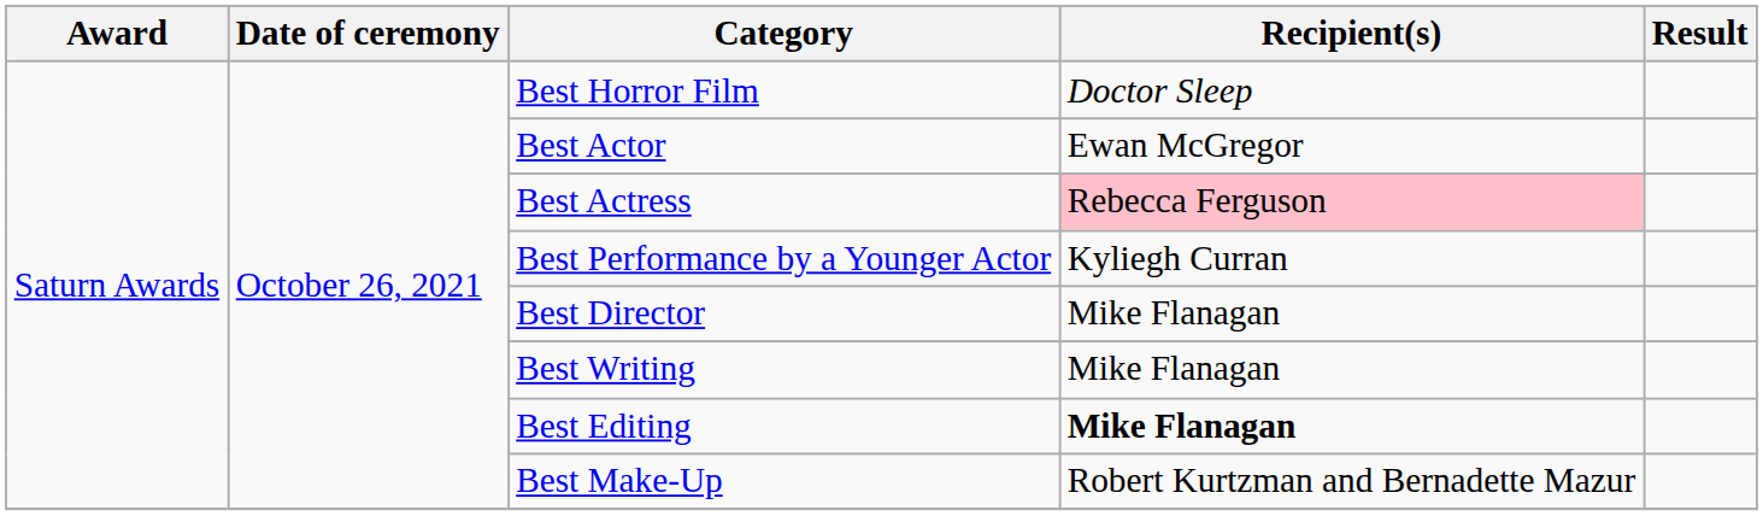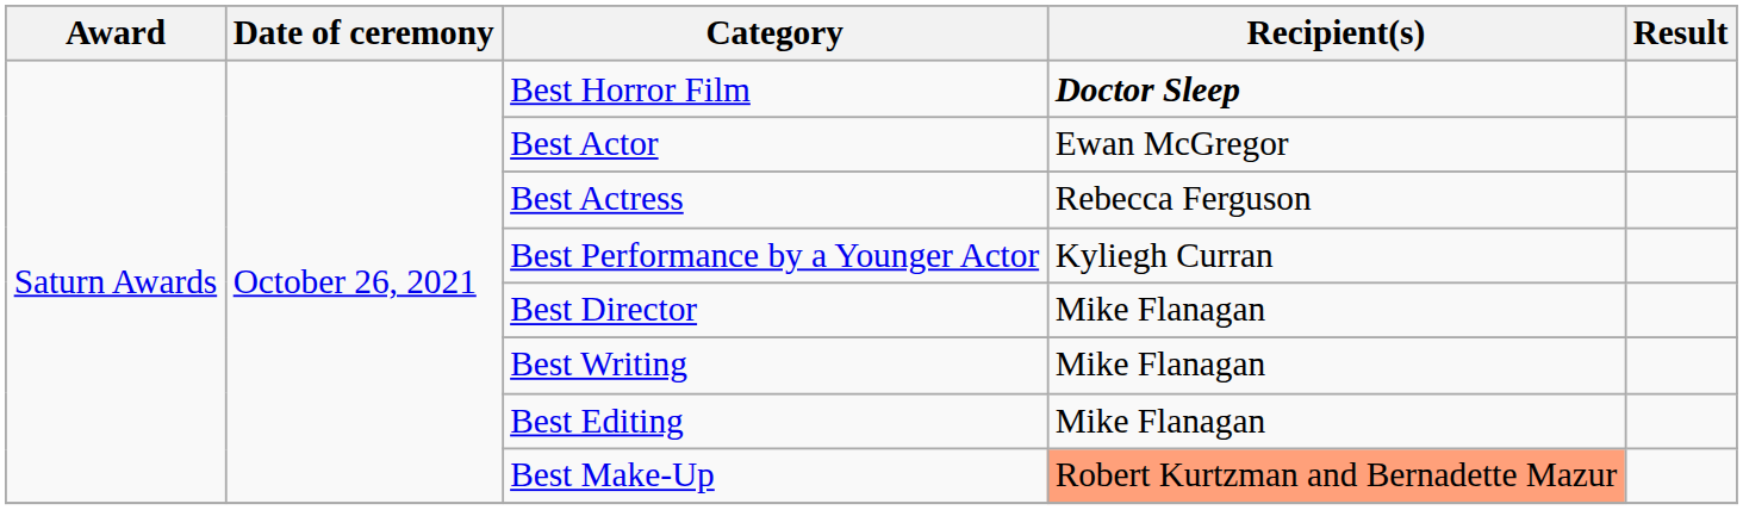 <table class="wikitable sortable plainrowheaders">
 <tr>
 <th scope="col">Award</th>
 <th scope="col">Date of ceremony</th>
 <th scope="col">Category</th>
 <th scope="col">Recipient(s)</th>
 <th scope="col">Result</th>
 </tr>
 <tr>
 <td scope="row" rowspan="8"><a href='#'>Saturn Awards</a></td>
 <td rowspan="8"><a href='#'>October 26, 2021</a></td>
 <td><a href='#'>Best Horror Film</a></td>
-<td><em>Doctor Sleep</em></td>
+<td><strong><em>Doctor Sleep</em></strong></td>
 <td></td>
 </tr>
 <tr>
 <td><a href='#'>Best Actor</a></td>
 <td>Ewan McGregor</td>
 <td></td>
 </tr>
 <tr>
 <td><a href='#'>Best Actress</a></td>
-<td style="background: pink;">Rebecca Ferguson</td>
+<td>Rebecca Ferguson</td>
 <td></td>
 </tr>
 <tr>
 <td><a href='#'>Best Performance by a Younger Actor</a></td>
 <td>Kyliegh Curran</td>
 <td></td>
 </tr>
 <tr>
 <td><a href='#'>Best Director</a></td>
 <td>Mike Flanagan</td>
 <td></td>
 </tr>
 <tr>
 <td><a href='#'>Best Writing</a></td>
 <td>Mike Flanagan</td>
 <td></td>
 </tr>
 <tr>
 <td><a href='#'>Best Editing</a></td>
-<td><strong>Mike Flanagan</strong></td>
+<td>Mike Flanagan</td>
 <td></td>
 </tr>
 <tr>
 <td><a href='#'>Best Make-Up</a></td>
-<td>Robert Kurtzman and Bernadette Mazur</td>
+<td style="background: lightsalmon;">Robert Kurtzman and Bernadette Mazur</td>
 <td></td>
 </tr>
 <tr>
 </tr>
 </table>
